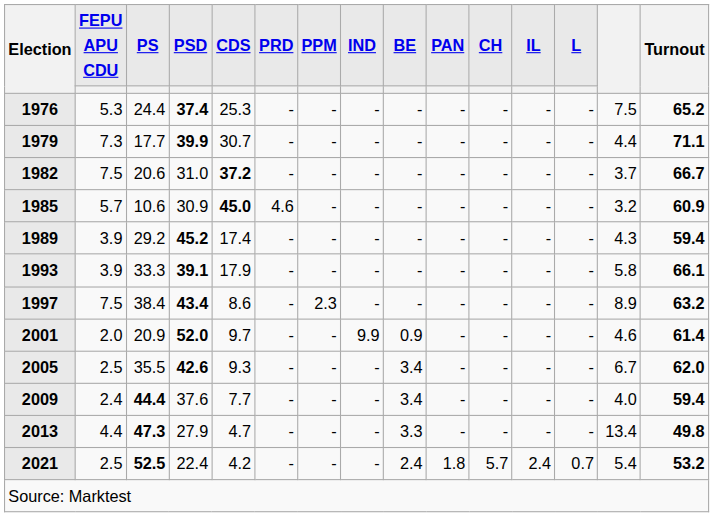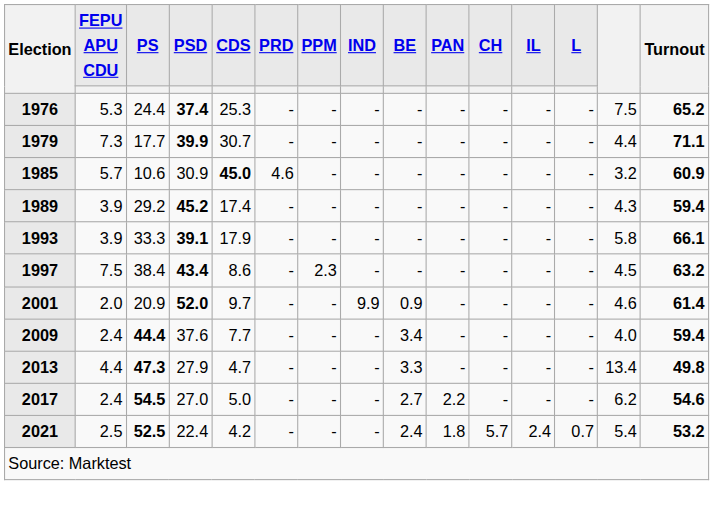 <table class="wikitable" style="text-align:right; font-size:95%; line-height:23px;">
 <tr>
 <th rowspan="2" valign="center" align="left">Election</th>
 <th style="background-color:#E9E9E9" width="33" align=right valign=center><a href='#'>FEPU</a><br><a href='#'>APU</a><br><a href='#'>CDU</a></th>
 <th style="background-color:#E9E9E9" width="33" align=right valign=center><a href='#'>PS</a></th>
 <th style="background-color:#E9E9E9" width="33" align=right valign=center><a href='#'>PSD</a></th>
 <th style="background-color:#E9E9E9" width="33" align=right valign=center><a href='#'>CDS</a></th>
 <th style="background-color:#E9E9E9" width="33" align=right valign=center><a href='#'>PRD</a></th>
 <th style="background-color:#E9E9E9" width="33" align=right valign=center><a href='#'>PPM</a></th>
 <th style="background-color:#E9E9E9" width="33" align=right valign=center><a href='#'>IND</a></th>
 <th style="background-color:#E9E9E9" width="33" align=right valign=center><a href='#'>BE</a></th>
 <th style="background-color:#E9E9E9" width="33" align=right valign=center><a href='#'>PAN</a></th>
 <th style="background-color:#E9E9E9" width="33" align=right valign=center><a href='#'>CH</a></th>
 <th style="background-color:#E9E9E9" width="33" align=right valign=center><a href='#'>IL</a></th>
 <th style="background-color:#E9E9E9" width="33" align=right valign=center><a href='#'>L</a></th>
 <th width="33" rowspan="2"></th>
 <th rowspan="2">Turnout</th>
 </tr>
 <tr>
 <th class="sortable" style="background:"></th>
 <th class="sortable" style="background:"></th>
 <th class="sortable" style="background:"></th>
 <th class="sortable" style="background:"></th>
 <th class="sortable" style="background:"></th>
 <th class="sortable" style="background:"></th>
 <th class="sortable" style="background:"></th>
 <th class="sortable" style="background:"></th>
 <th class="sortable" style="background:"></th>
 <th class="sortable" style="background:"></th>
 <th class="sortable" style="background:"></th>
 <th class="sortable" style="background:"></th>
 </tr>
 <tr>
 <td align="center" style="background-color:#E9E9E9"><strong>1976</strong></td>
 <td>5.3</td>
 <td>24.4</td>
 <td><strong>37.4</strong></td>
 <td>25.3</td>
 <td>-</td>
 <td>-</td>
 <td>-</td>
 <td>-</td>
 <td>-</td>
 <td>-</td>
 <td>-</td>
 <td>-</td>
 <td>7.5</td>
 <td><strong>65.2</strong></td>
 </tr>
 <tr>
 <td align="center" style="background-color:#E9E9E9"><strong>1979</strong></td>
 <td>7.3</td>
 <td>17.7</td>
 <td><strong>39.9</strong></td>
 <td>30.7</td>
 <td>-</td>
 <td>-</td>
 <td>-</td>
 <td>-</td>
 <td>-</td>
 <td>-</td>
 <td>-</td>
 <td>-</td>
 <td>4.4</td>
 <td><strong>71.1</strong></td>
 </tr>
 <tr>
-<td align="center" style="background-color:#E9E9E9"><strong>1982</strong></td>
-<td>7.5</td>
-<td>20.6</td>
-<td>31.0</td>
-<td><strong>37.2</strong></td>
-<td>-</td>
-<td>-</td>
-<td>-</td>
-<td>-</td>
-<td>-</td>
-<td>-</td>
-<td>-</td>
-<td>-</td>
-<td>3.7</td>
-<td><strong>66.7</strong></td>
-</tr>
-<tr>
 <td align="center" style="background-color:#E9E9E9"><strong>1985</strong></td>
 <td>5.7</td>
 <td>10.6</td>
 <td>30.9</td>
 <td><strong>45.0</strong></td>
 <td>4.6</td>
 <td>-</td>
 <td>-</td>
 <td>-</td>
 <td>-</td>
 <td>-</td>
 <td>-</td>
 <td>-</td>
 <td>3.2</td>
 <td><strong>60.9</strong></td>
 </tr>
 <tr>
 <td align="center" style="background-color:#E9E9E9"><strong>1989</strong></td>
 <td>3.9</td>
 <td>29.2</td>
 <td><strong>45.2</strong></td>
 <td>17.4</td>
 <td>-</td>
 <td>-</td>
 <td>-</td>
 <td>-</td>
 <td>-</td>
 <td>-</td>
 <td>-</td>
 <td>-</td>
 <td>4.3</td>
 <td><strong>59.4</strong></td>
 </tr>
 <tr>
 <td align="center" style="background-color:#E9E9E9"><strong>1993</strong></td>
 <td>3.9</td>
 <td>33.3</td>
 <td><strong>39.1</strong></td>
 <td>17.9</td>
 <td>-</td>
 <td>-</td>
 <td>-</td>
 <td>-</td>
 <td>-</td>
 <td>-</td>
 <td>-</td>
 <td>-</td>
 <td>5.8</td>
 <td><strong>66.1</strong></td>
 </tr>
 <tr>
 <td align="center" style="background-color:#E9E9E9"><strong>1997</strong></td>
 <td>7.5</td>
 <td>38.4</td>
 <td><strong>43.4</strong></td>
 <td>8.6</td>
 <td>-</td>
 <td>2.3</td>
 <td>-</td>
 <td>-</td>
 <td>-</td>
 <td>-</td>
 <td>-</td>
 <td>-</td>
-<td>8.9</td>
+<td>4.5</td>
 <td><strong>63.2</strong></td>
 </tr>
 <tr>
 <td align="center" style="background-color:#E9E9E9"><strong>2001</strong></td>
 <td>2.0</td>
 <td>20.9</td>
 <td><strong>52.0</strong></td>
 <td>9.7</td>
 <td>-</td>
 <td>-</td>
 <td>9.9</td>
 <td>0.9</td>
 <td>-</td>
 <td>-</td>
 <td>-</td>
 <td>-</td>
 <td>4.6</td>
 <td><strong>61.4</strong></td>
-</tr>
-<tr>
-<td align="center" style="background-color:#E9E9E9"><strong>2005</strong></td>
-<td>2.5</td>
-<td>35.5</td>
-<td><strong>42.6</strong></td>
-<td>9.3</td>
-<td>-</td>
-<td>-</td>
-<td>-</td>
-<td>3.4</td>
-<td>-</td>
-<td>-</td>
-<td>-</td>
-<td>-</td>
-<td>6.7</td>
-<td><strong>62.0</strong></td>
 </tr>
 <tr>
 <td align="center" style="background-color:#E9E9E9"><strong>2009</strong></td>
 <td>2.4</td>
 <td><strong>44.4</strong></td>
 <td>37.6</td>
 <td>7.7</td>
 <td>-</td>
 <td>-</td>
 <td>-</td>
 <td>3.4</td>
 <td>-</td>
 <td>-</td>
 <td>-</td>
 <td>-</td>
 <td>4.0</td>
 <td><strong>59.4</strong></td>
 </tr>
 <tr>
 <td align="center" style="background-color:#E9E9E9"><strong>2013</strong></td>
 <td>4.4</td>
 <td><strong>47.3</strong></td>
 <td>27.9</td>
 <td>4.7</td>
 <td>-</td>
 <td>-</td>
 <td>-</td>
 <td>3.3</td>
 <td>-</td>
 <td>-</td>
 <td>-</td>
 <td>-</td>
 <td>13.4</td>
 <td><strong>49.8</strong></td>
 </tr>
 <tr>
+<td align="center" style="background-color:#E9E9E9"><strong>2017</strong></td>
+<td>2.4</td>
+<td><strong>54.5</strong></td>
+<td>27.0</td>
+<td>5.0</td>
+<td>-</td>
+<td>-</td>
+<td>-</td>
+<td>2.7</td>
+<td>2.2</td>
+<td>-</td>
+<td>-</td>
+<td>-</td>
+<td>6.2</td>
+<td><strong>54.6</strong></td>
+</tr>
+<tr>
 <td align="center" style="background-color:#E9E9E9"><strong>2021</strong></td>
 <td>2.5</td>
 <td><strong>52.5</strong></td>
 <td>22.4</td>
 <td>4.2</td>
 <td>-</td>
 <td>-</td>
 <td>-</td>
 <td>2.4</td>
 <td>1.8</td>
 <td>5.7</td>
 <td>2.4</td>
 <td>0.7</td>
 <td>5.4</td>
 <td><strong>53.2</strong></td>
 </tr>
 <tr>
 <td colspan="15" align=left>Source: Marktest</td>
 </tr>
 </table>
